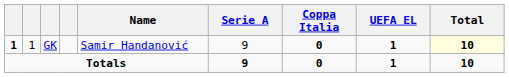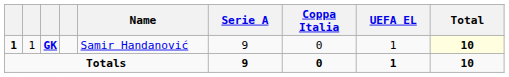 <table class="wikitable" style="text-align:center">
 <tr>
 <th width=15></th>
 <th width=15></th>
 <th width=15></th>
 <th width=15></th>
 <th width=145>Name</th>
 <th width=80><a href='#'>Serie A</a></th>
 <th width=80><a href='#'>Coppa Italia</a></th>
 <th width=80><a href='#'>UEFA EL</a></th>
 <th width=80>Total</th>
 </tr>
 <tr>
 <td><strong>1</strong></td>
 <td>1</td>
-<td><a href='#'>GK</a></td>
+<td><strong><a href='#'>GK</a></strong></td>
 <td></td>
 <td align=left><a href='#'>Samir Handanović</a></td>
 <td>9</td>
-<td><strong>0</strong></td>
-<td><strong>1</strong></td>
+<td>0</td>
+<td>1</td>
 <td style="background: lightyellow;"><strong>10</strong></td>
 </tr>
 <tr>
 <td colspan=5><strong>Totals</strong></td>
 <td><strong>9</strong></td>
 <td><strong>0</strong></td>
 <td><strong>1</strong></td>
 <td><strong>10</strong></td>
 </tr>
 </table>
